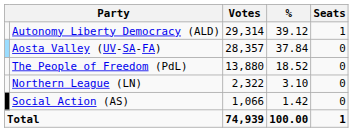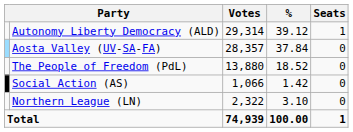 <table class=wikitable style="text-align:right">
 <tr>
 <th colspan=2>Party</th>
 <th>Votes</th>
 <th>%</th>
 <th>Seats</th>
 </tr>
 <tr>
 <td></td>
 <td align="left"><a href='#'>Autonomy Liberty Democracy</a> (ALD)</td>
 <td align="right">29,314</td>
 <td align="right">39.12</td>
 <td align="right">1</td>
 </tr>
 <tr>
 <td bgcolor="#9BDDFF"></td>
 <td align="left"><a href='#'>Aosta Valley</a> (<a href='#'>UV</a>-<a href='#'>SA</a>-<a href='#'>FA</a>)</td>
 <td align="right">28,357</td>
 <td align="right">37.84</td>
 <td align="right">0</td>
 </tr>
 <tr>
 <td></td>
 <td align="left"><a href='#'>The People of Freedom</a> (PdL)</td>
 <td align="right">13,880</td>
 <td align="right">18.52</td>
 <td align="right">0</td>
 </tr>
 <tr>
+<td bgcolor="black"></td>
+<td align="left"><a href='#'>Social Action</a> (AS)</td>
+<td align="right">1,066</td>
+<td align="right">1.42</td>
+<td align="right">0</td>
+</tr>
+<tr>
 <td></td>
 <td align="left"><a href='#'>Northern League</a> (LN)</td>
 <td align="right">2,322</td>
 <td align="right">3.10</td>
-<td align="right">0</td>
-</tr>
-<tr>
-<td bgcolor="black"></td>
-<td align="left"><a href='#'>Social Action</a> (AS)</td>
-<td align="right">1,066</td>
-<td align="right">1.42</td>
 <td align="right">0</td>
 </tr>
 <tr>
 <td align="left" colspan=2><strong>Total</strong></td>
 <td align="right"><strong>74,939</strong></td>
 <td align="right"><strong>100.00</strong></td>
 <td align="right"><strong>1</strong></td>
 </tr>
 </table>
